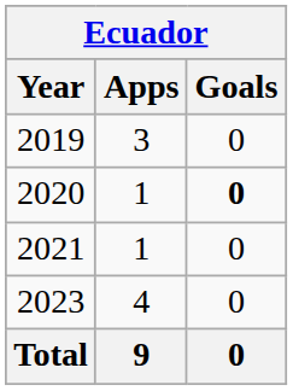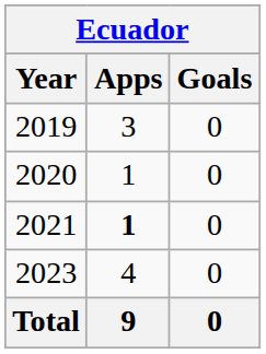 <table class="wikitable" style="text-align:center">
 <tr>
 <th colspan=3><a href='#'>Ecuador</a></th>
 </tr>
 <tr>
 <th>Year</th>
 <th>Apps</th>
 <th>Goals</th>
 </tr>
 <tr>
 <td>2019</td>
 <td>3</td>
 <td>0</td>
 </tr>
 <tr>
 <td>2020</td>
 <td>1</td>
-<td><strong>0</strong></td>
+<td>0</td>
 </tr>
 <tr>
 <td>2021</td>
-<td>1</td>
+<td><strong>1</strong></td>
 <td>0</td>
 </tr>
 <tr>
 <td>2023</td>
 <td>4</td>
 <td>0</td>
 </tr>
 <tr>
 <th>Total</th>
 <th>9</th>
 <th>0</th>
 </tr>
 </table>
